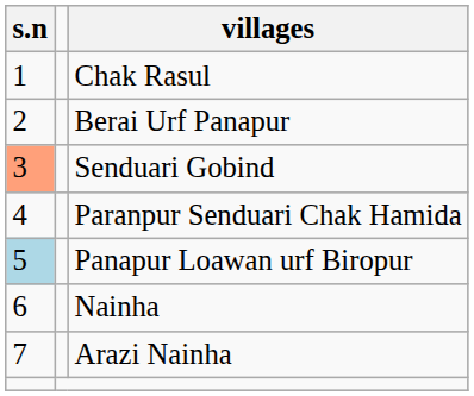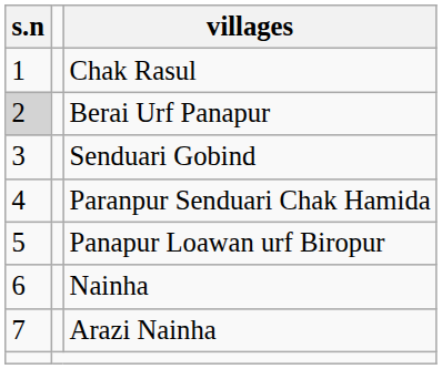 <table class="wikitable">
 <tr>
 <th>s.n</th>
 <td></td>
 <th>villages</th>
 </tr>
 <tr>
 <td>1</td>
 <td></td>
 <td>Chak Rasul</td>
 </tr>
 <tr>
-<td>2</td>
+<td style="background: lightgrey;">2</td>
 <td></td>
 <td>Berai Urf Panapur</td>
 </tr>
 <tr>
-<td style="background: lightsalmon;">3</td>
+<td>3</td>
 <td></td>
 <td>Senduari Gobind</td>
 </tr>
 <tr>
 <td>4</td>
 <td></td>
 <td>Paranpur Senduari Chak Hamida</td>
 </tr>
 <tr>
-<td style="background: lightblue;">5</td>
+<td>5</td>
 <td></td>
 <td>Panapur Loawan urf Biropur</td>
 </tr>
 <tr>
 <td>6</td>
 <td></td>
 <td>Nainha</td>
 </tr>
 <tr>
 <td>7</td>
 <td></td>
 <td>Arazi Nainha</td>
 </tr>
 <tr>
 <td></td>
 </tr>
 </table>
